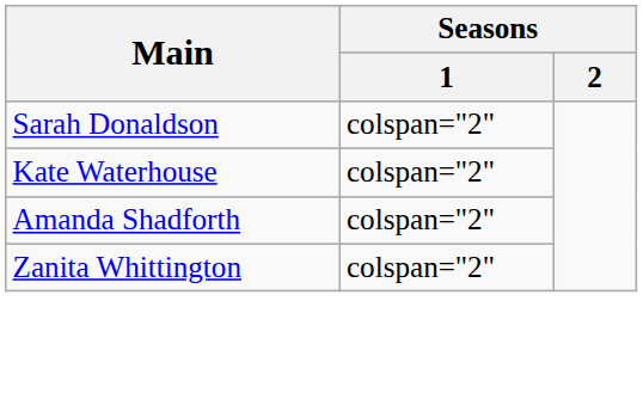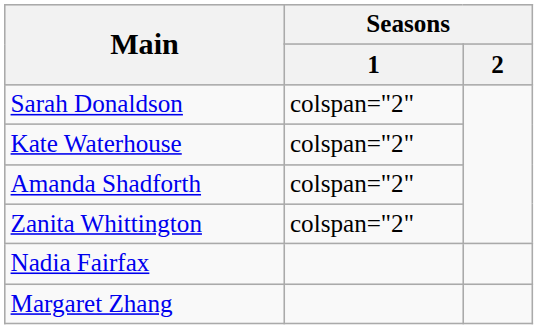 <table class="wikitable plainrowheaders" width="54%">
 <tr>
 <th scope="col" rowspan="2" style="width:17%;"><big>Main</big></th>
 <th scope="col" colspan="2">Seasons</th>
 </tr>
 <tr>
 <th scope="col" style="width:5%;" scope="col" rowspan="1" style="width:5%;">1</th>
 <th scope="col" style="width:5%;" scope="col" rowspan="1" style="width:5%;">2</th>
 </tr>
 <tr>
 <td scope="row"><a href='#'>Sarah Donaldson</a></td>
 <td>colspan="2" </td>
 </tr>
 <tr>
 <td scope="row"><a href='#'>Kate Waterhouse</a></td>
 <td>colspan="2" </td>
 </tr>
 <tr>
 <td scope="row"><a href='#'>Amanda Shadforth</a></td>
 <td>colspan="2" </td>
 </tr>
 <tr>
 <td scope="row"><a href='#'>Zanita Whittington</a></td>
 <td>colspan="2" </td>
 </tr>
+<tr>
+<td scope="row"><a href='#'>Nadia Fairfax</a></td>
+<td></td>
+<td></td>
+</tr>
+<tr>
+<td scope="row"><a href='#'>Margaret Zhang</a></td>
+<td></td>
+<td></td>
+</tr>
 </table>
